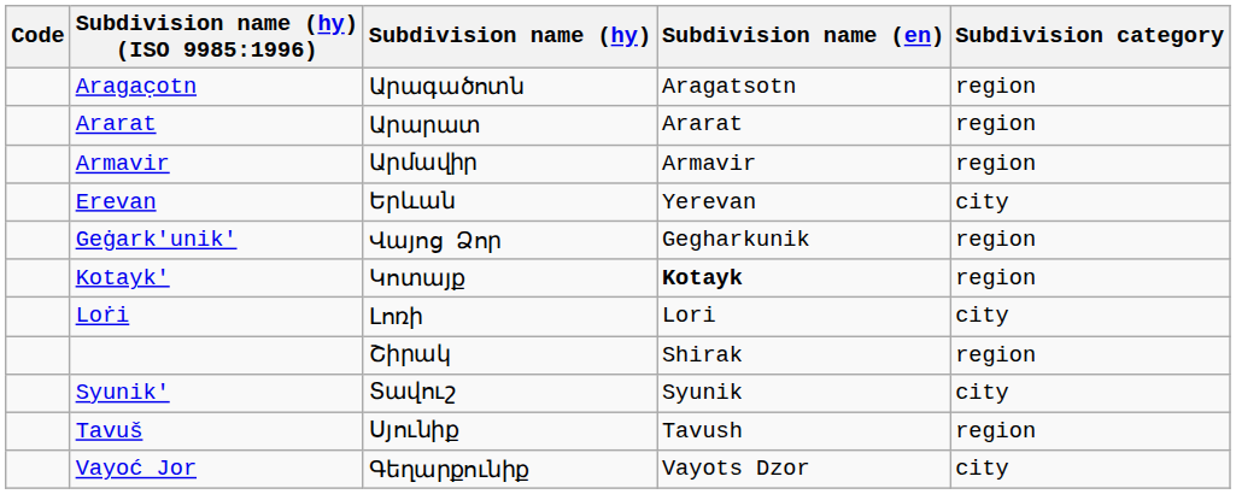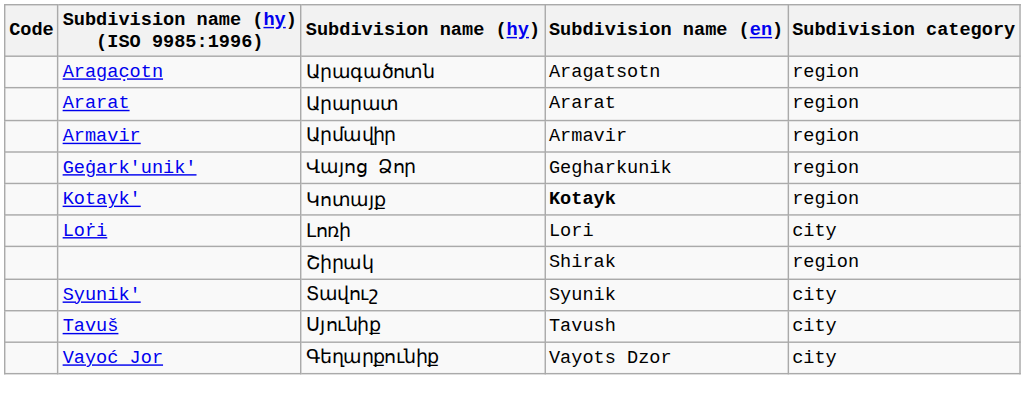 <table class="wikitable sortable">
 <tr>
 <th>Code</th>
 <th>Subdivision name (<a href='#'>hy</a>)<br>(ISO 9985:1996)</th>
 <th>Subdi­vision name (<a href='#'>hy</a>)<br></th>
 <th>Subdi­vision name (<a href='#'>en</a>)<br></th>
 <th>Subdi­vision cate­gory</th>
 </tr>
 <tr>
 <td></td>
 <td><a href='#'>Aragac̣otn</a></td>
 <td>Արագածոտն</td>
 <td>Aragatsotn</td>
 <td>region</td>
 </tr>
 <tr>
 <td></td>
 <td><a href='#'>Ararat</a></td>
 <td>Արարատ</td>
 <td>Ararat</td>
 <td>region</td>
 </tr>
 <tr>
 <td></td>
 <td><a href='#'>Armavir</a></td>
 <td>Արմավիր</td>
 <td>Armavir</td>
 <td>region</td>
-</tr>
-<tr>
-<td></td>
-<td><a href='#'>Erevan</a></td>
-<td>Երևան</td>
-<td>Yerevan</td>
-<td>city</td>
 </tr>
 <tr>
 <td></td>
 <td><a href='#'>Geġark'unik'</a></td>
 <td>Վայոց Ձոր</td>
 <td>Gegharkunik</td>
 <td>region</td>
 </tr>
 <tr>
 <td></td>
 <td><a href='#'>Kotayk'</a></td>
 <td>Կոտայք</td>
 <td><strong>Kotayk</strong></td>
 <td>region</td>
 </tr>
 <tr>
 <td></td>
 <td><a href='#'>Loṙi</a></td>
 <td>Լոռի</td>
 <td>Lori</td>
 <td>city</td>
 </tr>
 <tr>
 <td></td>
 <td></td>
 <td>Շիրակ</td>
 <td>Shirak</td>
 <td>region</td>
 </tr>
 <tr>
 <td></td>
 <td><a href='#'>Syunik'</a></td>
 <td>Տավուշ</td>
 <td>Syunik</td>
 <td>city</td>
 </tr>
 <tr>
 <td></td>
 <td><a href='#'>Tavuš</a></td>
 <td>Սյունիք</td>
 <td>Tavush</td>
-<td>region</td>
+<td>city</td>
 </tr>
 <tr>
 <td></td>
 <td><a href='#'>Vayoć Jor</a></td>
 <td>Գեղարքունիք</td>
 <td>Vayots Dzor</td>
 <td>city</td>
 </tr>
 </table>
